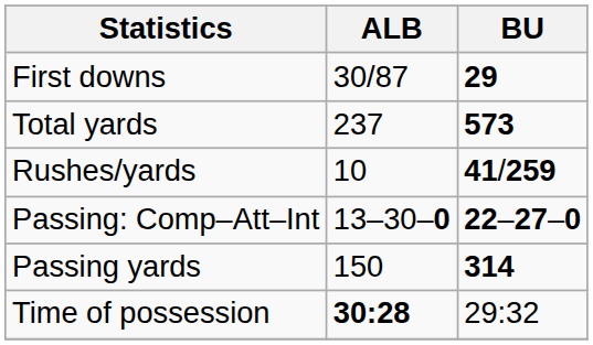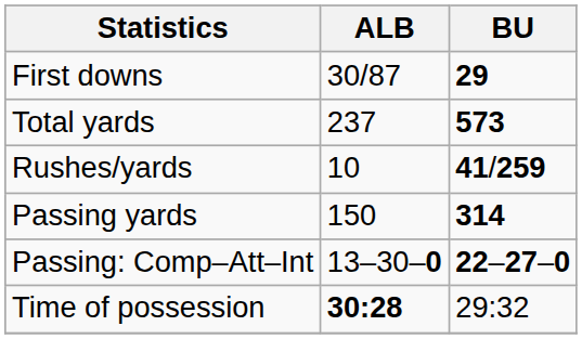 <table class="wikitable" style="float: left;">
 <tr>
 <th>Statistics</th>
 <th>ALB</th>
 <th>BU</th>
 </tr>
 <tr>
 <td>First downs</td>
 <td>30/87</td>
 <td><strong>29</strong></td>
 </tr>
 <tr>
 <td>Total yards</td>
 <td>237</td>
 <td><strong>573</strong></td>
 </tr>
 <tr>
 <td>Rushes/yards</td>
 <td>10</td>
 <td><strong>41</strong>/<strong>259</strong></td>
 </tr>
 <tr>
+<td>Passing yards</td>
+<td>150</td>
+<td><strong>314</strong></td>
+</tr>
+<tr>
 <td>Passing: Comp–Att–Int</td>
 <td>13–30–<strong>0</strong></td>
 <td><strong>22</strong>–<strong>27</strong>–<strong>0</strong></td>
-</tr>
-<tr>
-<td>Passing yards</td>
-<td>150</td>
-<td><strong>314</strong></td>
 </tr>
 <tr>
 <td>Time of possession</td>
 <td><strong>30:28</strong></td>
 <td>29:32</td>
 </tr>
 <tr>
 </tr>
 </table>
